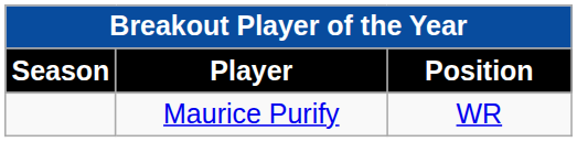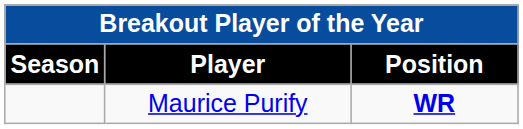 <table class="wikitable sortable" style="text-align:center">
 <tr>
 <td colspan="4" style="background:#084C9E; color:#FFF;"><strong>Breakout Player of the Year</strong></td>
 </tr>
 <tr>
 <th style="width:50px; background:black; color:#FFF;">Season</th>
 <th style="width:150px; background:black; color:#FFF;">Player</th>
 <th style="width:100px; background:black; color:#FFF;">Position</th>
 </tr>
 <tr>
 <td></td>
 <td><a href='#'>Maurice Purify</a></td>
-<td><a href='#'>WR</a></td>
+<td><strong><a href='#'>WR</a></strong></td>
 </tr>
 </table>
